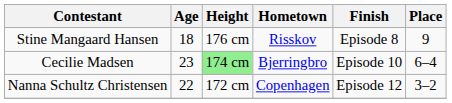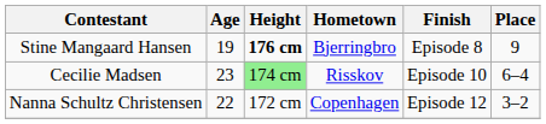 <table class="wikitable" style="text-align:center;">
 <tr>
 <th colspan="1">Contestant</th>
 <th colspan="1">Age</th>
 <th colspan="1">Height</th>
 <th colspan="1">Hometown</th>
 <th>Finish</th>
 <th>Place</th>
 </tr>
 <tr>
 <td>Stine Mangaard Hansen</td>
-<td>18</td>
-<td>176 cm</td>
-<td><a href='#'>Risskov</a></td>
+<td>19</td>
+<td><strong>176 cm</strong></td>
+<td><a href='#'>Bjerringbro</a></td>
 <td>Episode 8</td>
 <td>9</td>
 </tr>
 <tr>
 <td>Cecilie Madsen</td>
 <td>23</td>
 <td style="background: lightgreen;">174 cm</td>
-<td><a href='#'>Bjerringbro</a></td>
+<td><a href='#'>Risskov</a></td>
 <td>Episode 10</td>
 <td>6–4</td>
 </tr>
 <tr>
 <td>Nanna Schultz Christensen</td>
 <td>22</td>
 <td>172 cm</td>
 <td><a href='#'>Copenhagen</a></td>
 <td>Episode 12</td>
 <td>3–2</td>
 </tr>
 <tr>
 </tr>
 </table>
